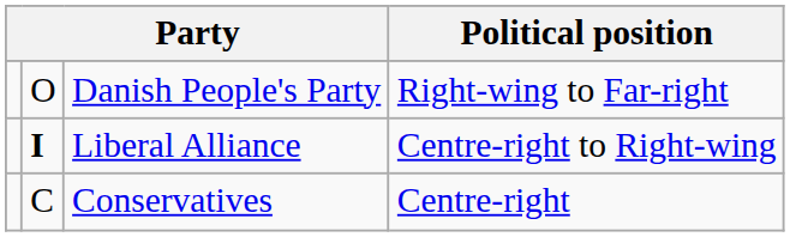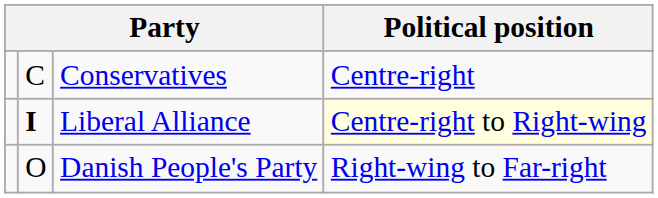 <table class="wikitable">
 <tr>
 <th colspan="3">Party</th>
 <th>Political position</th>
 </tr>
 <tr>
 <td></td>
-<td>O</td>
-<td><a href='#'>Danish People's Party</a></td>
-<td><a href='#'>Right-wing</a> to  <a href='#'>Far-right</a></td>
+<td>C</td>
+<td><a href='#'>Conservatives</a></td>
+<td><a href='#'>Centre-right</a></td>
 </tr>
 <tr>
 <td></td>
 <td><strong>I</strong></td>
 <td><a href='#'>Liberal Alliance</a></td>
-<td><a href='#'>Centre-right</a> to <a href='#'>Right-wing</a></td>
+<td style="background: lightyellow;"><a href='#'>Centre-right</a> to <a href='#'>Right-wing</a></td>
 </tr>
 <tr>
 <td></td>
-<td>C</td>
-<td><a href='#'>Conservatives</a></td>
-<td><a href='#'>Centre-right</a></td>
+<td>O</td>
+<td><a href='#'>Danish People's Party</a></td>
+<td><a href='#'>Right-wing</a> to  <a href='#'>Far-right</a></td>
 </tr>
 </table>
